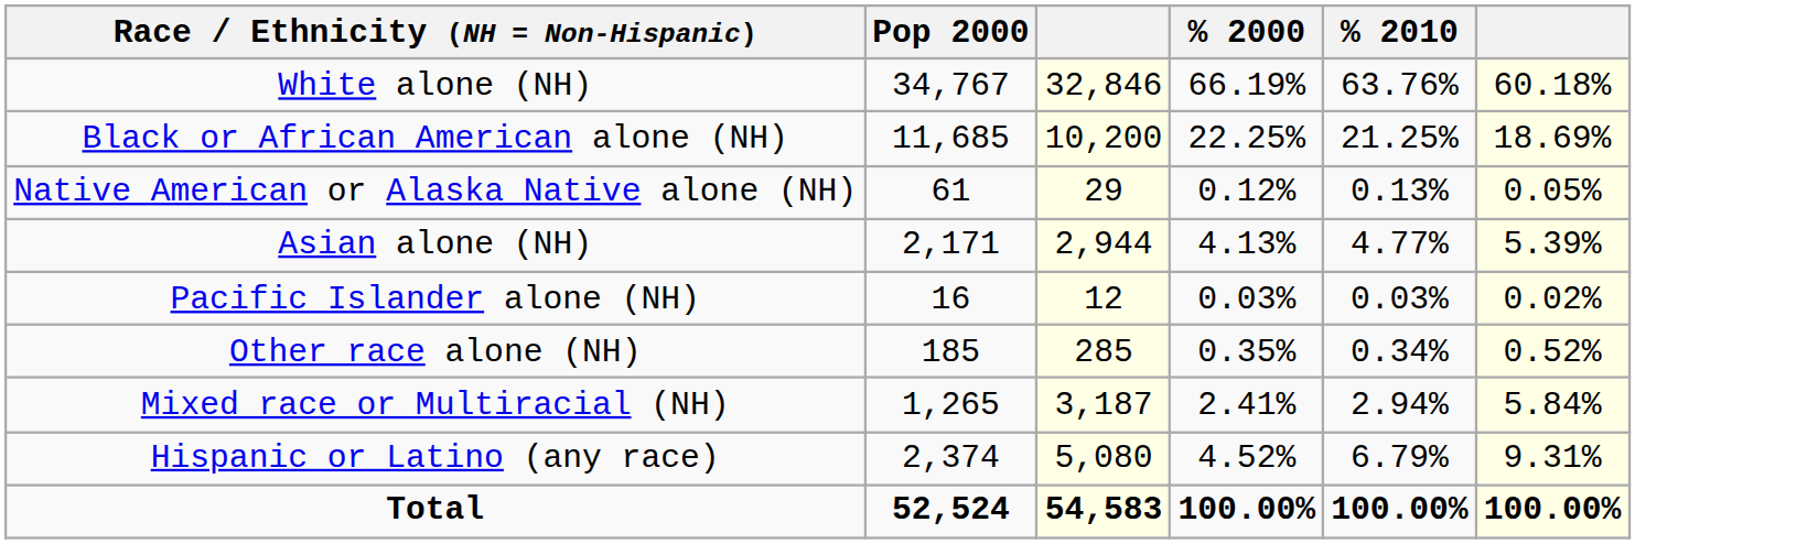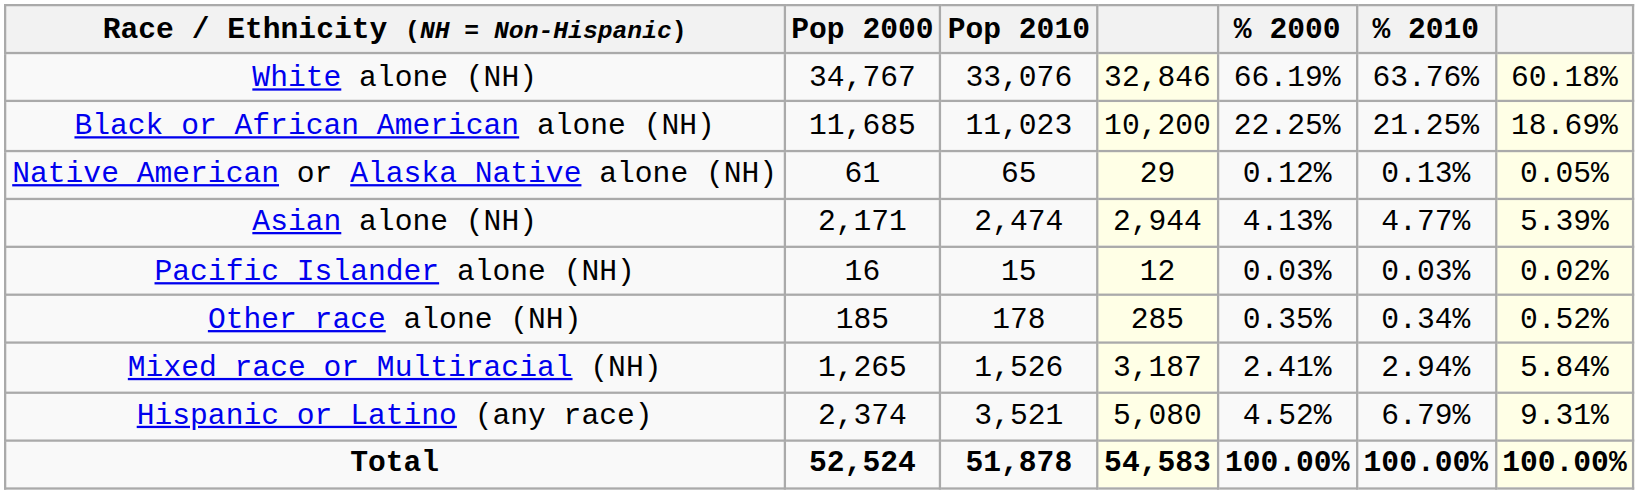 <table class="wikitable" style="text-align:center;">
 <tr>
 <th>Race / Ethnicity <small>(<em>NH = Non-Hispanic</em>)</small></th>
 <th>Pop 2000</th>
+<th>Pop 2010</th>
 <th></th>
 <th>% 2000</th>
 <th>% 2010</th>
 <th></th>
 </tr>
 <tr>
 <td><a href='#'>White</a> alone (NH)</td>
 <td>34,767</td>
+<td>33,076</td>
 <td style='background: #ffffe6;'>32,846</td>
 <td>66.19%</td>
 <td>63.76%</td>
 <td style='background: #ffffe6;'>60.18%</td>
 </tr>
 <tr>
 <td><a href='#'>Black or African American</a> alone (NH)</td>
 <td>11,685</td>
+<td>11,023</td>
 <td style='background: #ffffe6;'>10,200</td>
 <td>22.25%</td>
 <td>21.25%</td>
 <td style='background: #ffffe6;'>18.69%</td>
 </tr>
 <tr>
 <td><a href='#'>Native American</a> or <a href='#'>Alaska Native</a> alone (NH)</td>
 <td>61</td>
+<td>65</td>
 <td style='background: #ffffe6;'>29</td>
 <td>0.12%</td>
 <td>0.13%</td>
 <td style='background: #ffffe6;'>0.05%</td>
 </tr>
 <tr>
 <td><a href='#'>Asian</a> alone (NH)</td>
 <td>2,171</td>
+<td>2,474</td>
 <td style='background: #ffffe6;'>2,944</td>
 <td>4.13%</td>
 <td>4.77%</td>
 <td style='background: #ffffe6;'>5.39%</td>
 </tr>
 <tr>
 <td><a href='#'>Pacific Islander</a> alone (NH)</td>
 <td>16</td>
+<td>15</td>
 <td style='background: #ffffe6;'>12</td>
 <td>0.03%</td>
 <td>0.03%</td>
 <td style='background: #ffffe6;'>0.02%</td>
 </tr>
 <tr>
 <td><a href='#'>Other race</a> alone (NH)</td>
 <td>185</td>
+<td>178</td>
 <td style='background: #ffffe6;'>285</td>
 <td>0.35%</td>
 <td>0.34%</td>
 <td style='background: #ffffe6;'>0.52%</td>
 </tr>
 <tr>
 <td><a href='#'>Mixed race or Multiracial</a> (NH)</td>
 <td>1,265</td>
+<td>1,526</td>
 <td style='background: #ffffe6;'>3,187</td>
 <td>2.41%</td>
 <td>2.94%</td>
 <td style='background: #ffffe6;'>5.84%</td>
 </tr>
 <tr>
 <td><a href='#'>Hispanic or Latino</a> (any race)</td>
 <td>2,374</td>
+<td>3,521</td>
 <td style='background: #ffffe6;'>5,080</td>
 <td>4.52%</td>
 <td>6.79%</td>
 <td style='background: #ffffe6;'>9.31%</td>
 </tr>
 <tr>
 <td><strong>Total</strong></td>
 <td><strong>52,524</strong></td>
+<td><strong>51,878</strong></td>
 <td style='background: #ffffe6;'><strong>54,583</strong></td>
 <td><strong>100.00%</strong></td>
 <td><strong>100.00%</strong></td>
 <td style='background: #ffffe6;'><strong>100.00%</strong></td>
 </tr>
 </table>
